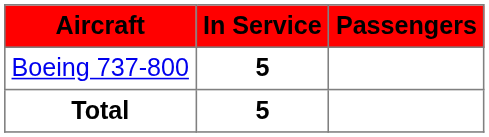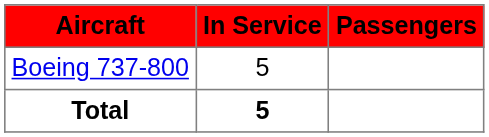 <table class="toccolours" border="1" cellpadding="4" style="border-collapse:collapse; text-align: center; margin: 1em auto;">
 <tr bgcolor=red>
 <th>Aircraft</th>
 <th>In Service</th>
 <th>Passengers</th>
 </tr>
 <tr>
 <td><a href='#'>Boeing 737-800</a></td>
-<td><strong>5</strong></td>
+<td>5</td>
 <td></td>
 </tr>
 <tr>
 <th>Total</th>
 <th>5</th>
 <td colspan=2></td>
 </tr>
 </table>
